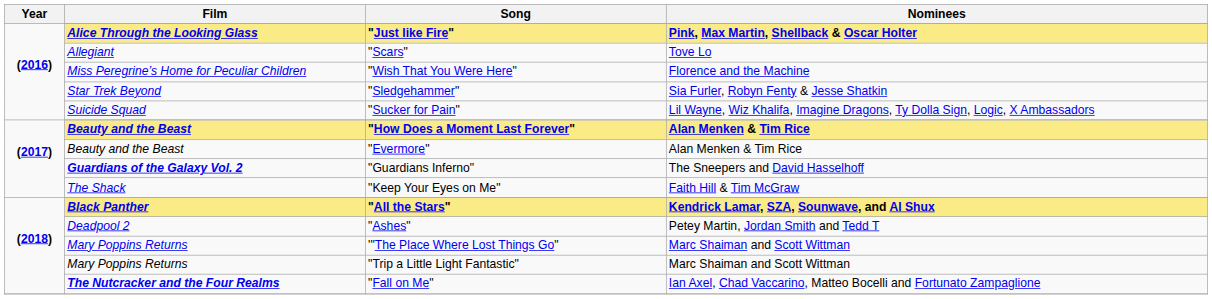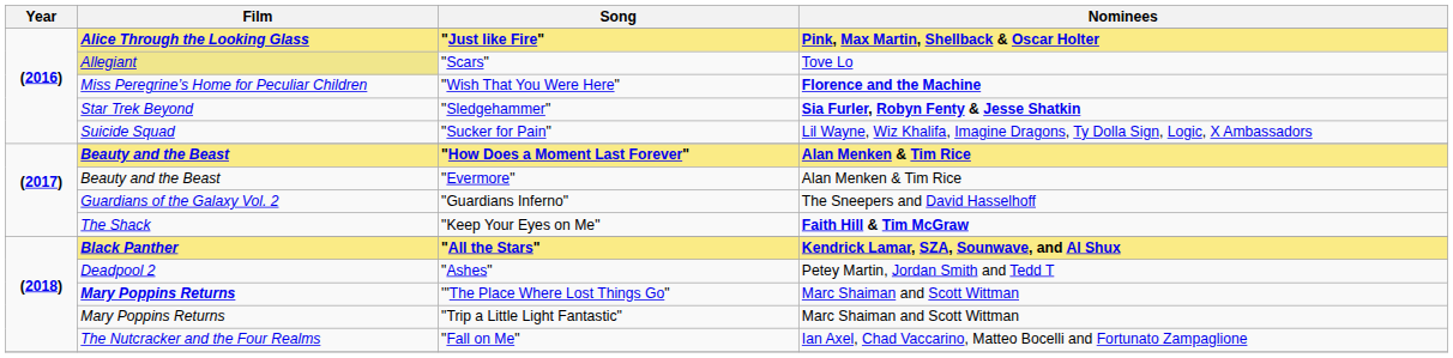 <table class="wikitable" style="width:100%">
 <tr bgcolor="#bebebe">
 <th width="5%">Year</th>
 <th width="25%">Film</th>
 <th width="25%">Song</th>
 <th width="45%">Nominees</th>
 </tr>
 <tr>
 <td rowspan=6 style="text-align:center"><strong>(<a href='#'>2016</a>)</strong><br> <br></td>
 </tr>
 <tr style="background:#FAEB86">
 <td><strong><em><a href='#'>Alice Through the Looking Glass</a></em></strong></td>
 <td><strong>"<a href='#'>Just like Fire</a>"</strong></td>
 <td><strong><a href='#'>Pink</a>, <a href='#'>Max Martin</a>, <a href='#'>Shellback</a> & <a href='#'>Oscar Holter</a></strong></td>
 </tr>
 <tr>
-<td><em><a href='#'>Allegiant</a></em></td>
+<td style="background: khaki;"><em><a href='#'>Allegiant</a></em></td>
 <td>"<a href='#'>Scars</a>"</td>
 <td><a href='#'>Tove Lo</a></td>
 </tr>
 <tr>
 <td><em><a href='#'>Miss Peregrine’s Home for Peculiar Children</a></em></td>
 <td>"<a href='#'>Wish That You Were Here</a>"</td>
-<td><a href='#'>Florence and the Machine</a></td>
+<td><strong><a href='#'>Florence and the Machine</a></strong></td>
 </tr>
 <tr>
 <td><em><a href='#'>Star Trek Beyond</a></em></td>
 <td>"<a href='#'>Sledgehammer</a>"</td>
-<td><a href='#'>Sia Furler</a>, <a href='#'>Robyn Fenty</a> & <a href='#'>Jesse Shatkin</a></td>
+<td><strong><a href='#'>Sia Furler</a>, <a href='#'>Robyn Fenty</a> & <a href='#'>Jesse Shatkin</a></strong></td>
 </tr>
 <tr>
 <td><em><a href='#'>Suicide Squad</a></em></td>
 <td>"<a href='#'>Sucker for Pain</a>"</td>
 <td><a href='#'>Lil Wayne</a>, <a href='#'>Wiz Khalifa</a>, <a href='#'>Imagine Dragons</a>, <a href='#'>Ty Dolla Sign</a>, <a href='#'>Logic</a>, <a href='#'>X Ambassadors</a></td>
 </tr>
 <tr>
 <td rowspan=5 style="text-align:center"><strong>(<a href='#'>2017</a>)</strong><br> <br></td>
 </tr>
 <tr style="background:#FAEB86">
 <td><strong><em><a href='#'>Beauty and the Beast</a></em></strong></td>
 <td><strong>"<a href='#'>How Does a Moment Last Forever</a>"</strong></td>
 <td><strong><a href='#'>Alan Menken</a> & <a href='#'>Tim Rice</a></strong></td>
 </tr>
 <tr>
 <td><em>Beauty and the Beast</em></td>
 <td>"<a href='#'>Evermore</a>"</td>
 <td>Alan Menken & Tim Rice</td>
 </tr>
 <tr>
-<td><strong><em><a href='#'>Guardians of the Galaxy Vol. 2</a></em></strong></td>
+<td><em><a href='#'>Guardians of the Galaxy Vol. 2</a></em></td>
 <td>"Guardians Inferno"</td>
 <td>The Sneepers and <a href='#'>David Hasselhoff</a></td>
 </tr>
 <tr>
 <td><em><a href='#'>The Shack</a></em></td>
 <td>"Keep Your Eyes on Me"</td>
-<td><a href='#'>Faith Hill</a> & <a href='#'>Tim McGraw</a></td>
+<td><strong><a href='#'>Faith Hill</a> & <a href='#'>Tim McGraw</a></strong></td>
 </tr>
 <tr>
 <td rowspan=6 style="text-align:center"><strong>(<a href='#'>2018</a>)</strong><br> <br></td>
 </tr>
 <tr style="background:#FAEB86">
 <td><strong><em><a href='#'>Black Panther</a></em></strong></td>
 <td><strong>"<a href='#'>All the Stars</a>"</strong></td>
 <td><strong><a href='#'>Kendrick Lamar</a>, <a href='#'>SZA</a>, <a href='#'>Sounwave</a>, and <a href='#'>Al Shux</a></strong></td>
 </tr>
 <tr>
 <td><em><a href='#'>Deadpool 2</a></em></td>
 <td>"<a href='#'>Ashes</a>"</td>
 <td>Petey Martin, <a href='#'>Jordan Smith</a> and <a href='#'>Tedd T</a></td>
 </tr>
 <tr>
-<td><em><a href='#'>Mary Poppins Returns</a></em></td>
+<td><strong><em><a href='#'>Mary Poppins Returns</a></em></strong></td>
 <td>'"<a href='#'>The Place Where Lost Things Go</a>"</td>
 <td><a href='#'>Marc Shaiman</a> and <a href='#'>Scott Wittman</a></td>
 </tr>
 <tr>
 <td><em>Mary Poppins Returns</em></td>
 <td>"Trip a Little Light Fantastic"</td>
 <td>Marc Shaiman and Scott Wittman</td>
 </tr>
 <tr>
-<td><strong><em><a href='#'>The Nutcracker and the Four Realms</a></em></strong></td>
+<td><em><a href='#'>The Nutcracker and the Four Realms</a></em></td>
 <td>"<a href='#'>Fall on Me</a>"</td>
 <td><a href='#'>Ian Axel</a>, <a href='#'>Chad Vaccarino</a>, Matteo Bocelli and <a href='#'>Fortunato Zampaglione</a></td>
 </tr>
 <tr>
 </tr>
 </table>
